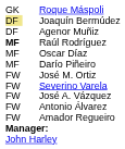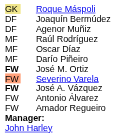 <table style="font-size:90%; margin:0.2em auto;" cellspacing="0" cellpadding="0">
 <tr>
 <th width="25"></th>
 <th width="25"></th>
 </tr>
 <tr>
-<td>GK</td>
+<td style="background: khaki;">GK</td>
 <td></td>
 <td> <a href='#'>Roque Máspoli</a></td>
 </tr>
 <tr>
-<td style="background: khaki;">DF</td>
+<td>DF</td>
 <td></td>
 <td> Joaquín Bermúdez</td>
 </tr>
 <tr>
 <td>DF</td>
 <td></td>
 <td> Agenor Muñiz</td>
 </tr>
 <tr>
-<td><strong>MF</strong></td>
+<td>MF</td>
 <td></td>
 <td> Raúl Rodríguez</td>
 </tr>
 <tr>
 <td>MF</td>
 <td></td>
 <td> Oscar Díaz</td>
 </tr>
 <tr>
 <td>MF</td>
 <td></td>
 <td> Darío Piñeiro</td>
 </tr>
 <tr>
-<td>FW</td>
+<td><strong>FW</strong></td>
 <td></td>
 <td> José M. Ortiz</td>
 </tr>
 <tr>
-<td>FW</td>
+<td style="background: lightsalmon;">FW</td>
 <td></td>
 <td> <a href='#'>Severino Varela</a></td>
 </tr>
 <tr>
-<td>FW</td>
+<td><strong>FW</strong></td>
 <td></td>
 <td> José A. Vázquez</td>
 </tr>
 <tr>
 <td>FW</td>
 <td></td>
 <td> Antonio Álvarez</td>
 </tr>
 <tr>
 <td>FW</td>
 <td></td>
 <td> Amador Regueiro</td>
 </tr>
 <tr>
 </tr>
 <tr>
 <td colspan=3><strong>Manager:</strong></td>
 </tr>
 <tr>
 <td colspan=4> <a href='#'>John Harley</a></td>
 </tr>
 </table>
